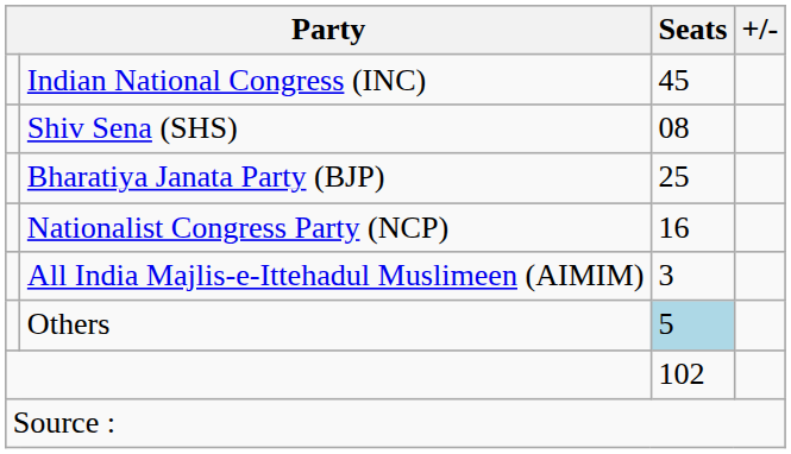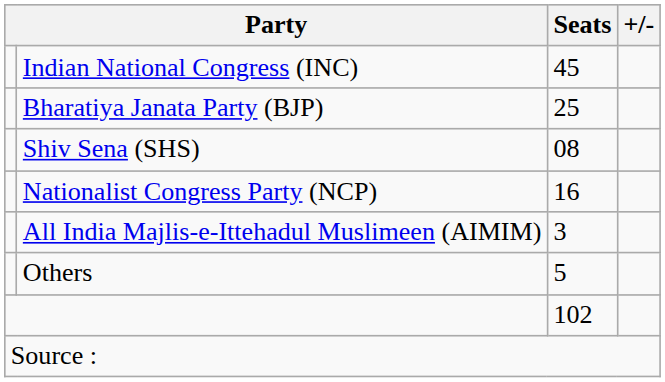 <table class="sortable wikitable">
 <tr>
 <th colspan="2">Party</th>
 <th>Seats</th>
 <th>+/-</th>
 </tr>
 <tr>
 <td style="background-color: "></td>
 <td><a href='#'>Indian National Congress</a> (INC)</td>
 <td>45</td>
 <td></td>
 </tr>
 <tr>
 <td style="background-color: "></td>
-<td><a href='#'>Shiv Sena</a> (SHS)</td>
-<td>08</td>
+<td><a href='#'>Bharatiya Janata Party</a> (BJP)</td>
+<td>25</td>
 <td></td>
 </tr>
 <tr>
 <td style="background-color: "></td>
-<td><a href='#'>Bharatiya Janata Party</a> (BJP)</td>
-<td>25</td>
+<td><a href='#'>Shiv Sena</a> (SHS)</td>
+<td>08</td>
 <td></td>
 </tr>
 <tr>
 <td style="background-color: "></td>
 <td><a href='#'>Nationalist Congress Party</a> (NCP)</td>
 <td>16</td>
 <td></td>
 </tr>
 <tr>
 <td style="background-color: "></td>
 <td><a href='#'>All India Majlis-e-Ittehadul Muslimeen</a> (AIMIM)</td>
 <td>3</td>
 <td></td>
 </tr>
 <tr>
 <td style="background-color: "></td>
 <td>Others</td>
-<td style="background: lightblue;">5</td>
+<td>5</td>
 <td></td>
 </tr>
 <tr>
 <td colspan="2"></td>
 <td>102</td>
 </tr>
 <tr>
 <td colspan="4">Source :</td>
 </tr>
 </table>
